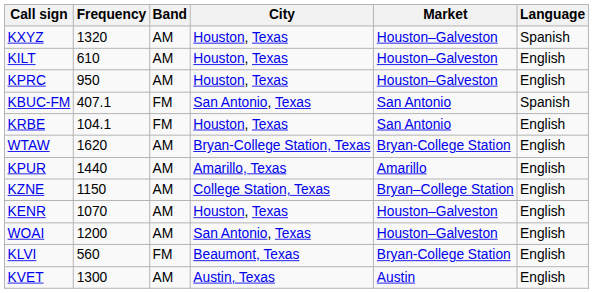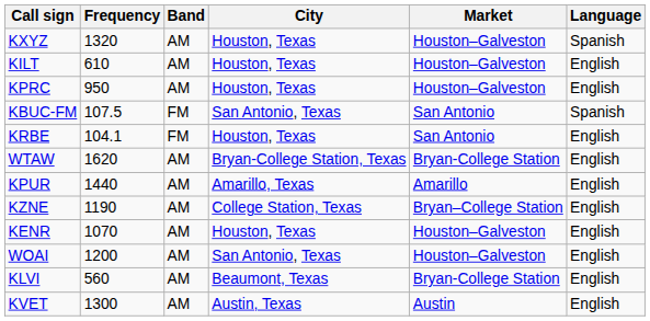 <table class="wikitable sortable" border="1">
 <tr>
 <th>Call sign</th>
 <th>Frequency</th>
 <th>Band</th>
 <th>City</th>
 <th>Market</th>
 <th>Language</th>
 </tr>
 <tr>
 <td><a href='#'>KXYZ</a></td>
 <td data-sort-value=001320>1320</td>
 <td>AM</td>
 <td><a href='#'>Houston</a>, <a href='#'>Texas</a></td>
 <td><a href='#'>Houston–Galveston</a></td>
 <td>Spanish</td>
 </tr>
 <tr>
 <td><a href='#'>KILT</a></td>
 <td data-sort-value=000610>610</td>
 <td>AM</td>
 <td><a href='#'>Houston</a>, <a href='#'>Texas</a></td>
 <td><a href='#'>Houston–Galveston</a></td>
 <td>English</td>
 </tr>
 <tr>
 <td><a href='#'>KPRC</a></td>
 <td data-sort-value=000950>950</td>
 <td>AM</td>
 <td><a href='#'>Houston</a>, <a href='#'>Texas</a></td>
 <td><a href='#'>Houston–Galveston</a></td>
 <td>English</td>
 </tr>
 <tr>
 <td><a href='#'>KBUC-FM</a></td>
-<td data-sort-value=107500>407.1</td>
+<td data-sort-value=107500>107.5</td>
 <td>FM</td>
 <td><a href='#'>San Antonio</a>, <a href='#'>Texas</a></td>
 <td><a href='#'>San Antonio</a></td>
 <td>Spanish</td>
 </tr>
 <tr>
 <td><a href='#'>KRBE</a></td>
 <td data-sort-value=104100>104.1</td>
 <td>FM</td>
 <td><a href='#'>Houston</a>, <a href='#'>Texas</a></td>
 <td><a href='#'>San Antonio</a></td>
 <td>English</td>
 </tr>
 <tr>
 <td><a href='#'>WTAW</a></td>
 <td data-sort-value=001620>1620</td>
 <td>AM</td>
 <td><a href='#'>Bryan-College Station, Texas</a></td>
 <td><a href='#'>Bryan-College Station</a></td>
 <td>English</td>
 </tr>
 <tr>
 <td><a href='#'>KPUR</a></td>
 <td data-sort-value=001440>1440</td>
 <td>AM</td>
 <td><a href='#'>Amarillo, Texas</a></td>
 <td><a href='#'>Amarillo</a></td>
 <td>English</td>
 </tr>
 <tr>
 <td><a href='#'>KZNE</a></td>
-<td data-sort-value=001150>1150</td>
+<td data-sort-value=001150>1190</td>
 <td>AM</td>
 <td><a href='#'>College Station, Texas</a></td>
 <td><a href='#'>Bryan–College Station</a></td>
 <td>English</td>
 </tr>
 <tr>
 <td><a href='#'>KENR</a></td>
 <td data-sort-value=001070>1070</td>
 <td>AM</td>
 <td><a href='#'>Houston</a>, <a href='#'>Texas</a></td>
 <td><a href='#'>Houston–Galveston</a></td>
 <td>English</td>
 </tr>
 <tr>
 <td><a href='#'>WOAI</a></td>
 <td data-sort-value=001200>1200</td>
 <td>AM</td>
 <td><a href='#'>San Antonio</a>, <a href='#'>Texas</a></td>
 <td><a href='#'>Houston–Galveston</a></td>
 <td>English</td>
 </tr>
 <tr>
 <td><a href='#'>KLVI</a></td>
 <td data-sort-value=000560>560</td>
-<td>FM</td>
+<td>AM</td>
 <td><a href='#'>Beaumont, Texas</a></td>
 <td><a href='#'>Bryan-College Station</a></td>
 <td>English</td>
 </tr>
 <tr>
 <td><a href='#'>KVET</a></td>
 <td data-sort-value=001300>1300</td>
 <td>AM</td>
 <td><a href='#'>Austin, Texas</a></td>
 <td><a href='#'>Austin</a></td>
 <td>English</td>
 </tr>
 </table>
